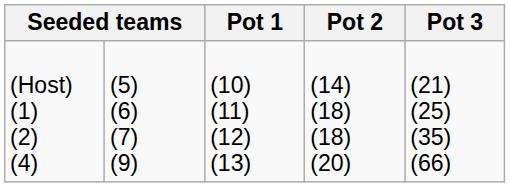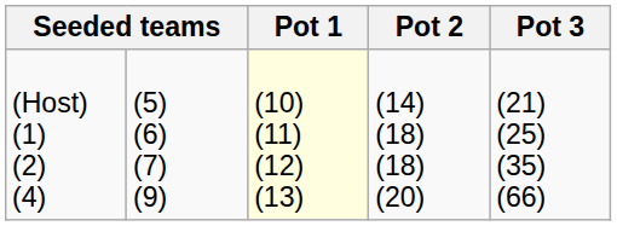 <table class="wikitable">
 <tr>
 <th colspan=2>Seeded teams</th>
 <th width=20%>Pot 1</th>
 <th width=20%>Pot 2</th>
 <th width=20%>Pot 3</th>
 </tr>
 <tr>
 <td width=20%><br> (Host)<br>  (1)<br>  (2)<br>  (4)</td>
 <td width=20%><br> (5)<br>  (6)<br>  (7)<br>  (9)</td>
-<td><br> (10)<br>  (11)<br>  (12)<br>  (13)</td>
+<td style="background: lightyellow;"><br> (10)<br>  (11)<br>  (12)<br>  (13)</td>
 <td><br> (14)<br>  (18)<br>  (18)<br>  (20)</td>
 <td><br> (21)<br>  (25)<br>  (35)<br>  (66)</td>
 </tr>
 </table>
